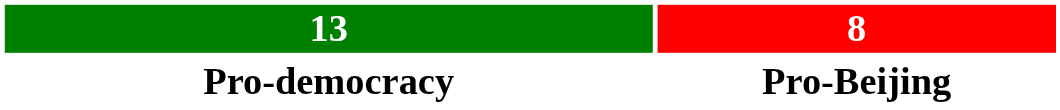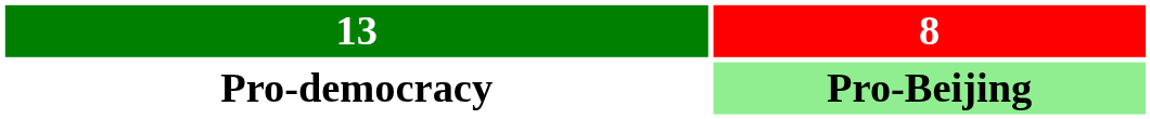 <table style="width:50%; text-align:center;">
 <tr style="color:white;">
 <td style="background:green; width:61.9%;"><strong>13</strong></td>
 <td style="background:red; width:38.1%;"><strong>8</strong></td>
 </tr>
 <tr>
 <td><span><strong>Pro-democracy</strong></span></td>
-<td><span><strong>Pro-Beijing</strong></span></td>
+<td style="background: lightgreen;"><span><strong>Pro-Beijing</strong></span></td>
 </tr>
 </table>
